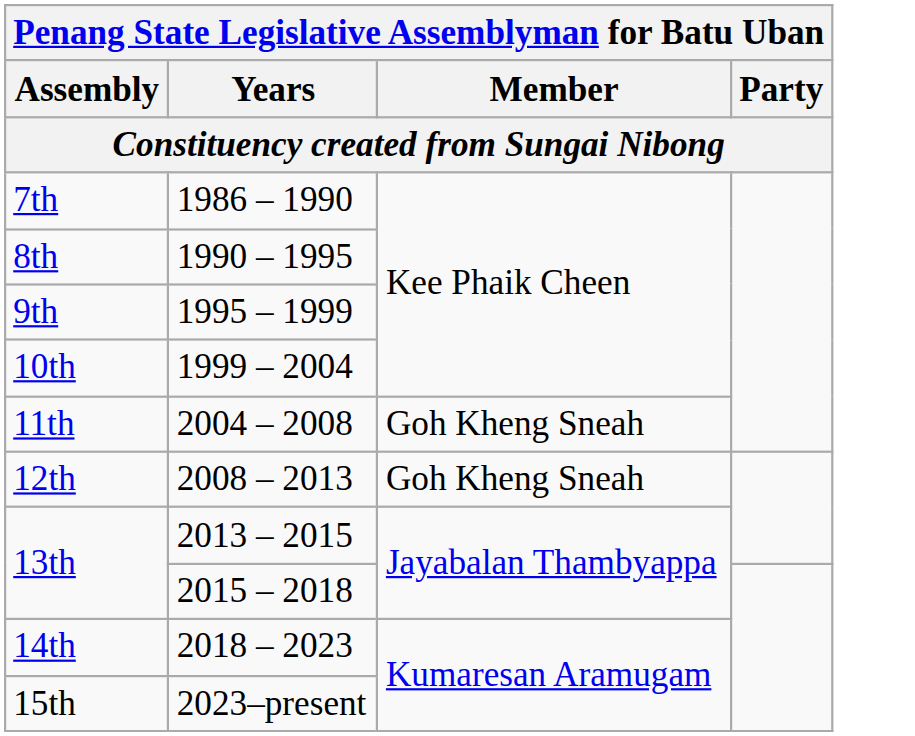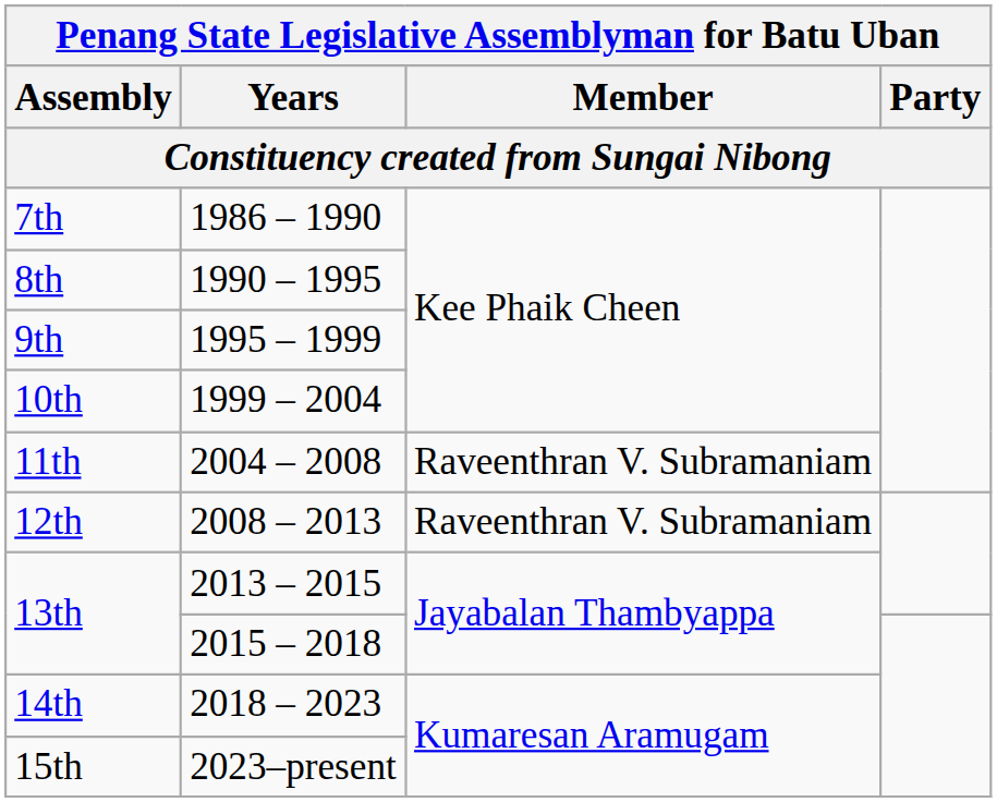 <table class="wikitable">
 <tr>
 <th colspan="4"><a href='#'>Penang State Legislative Assemblyman</a> for Batu Uban</th>
 </tr>
 <tr>
 <th>Assembly</th>
 <th>Years</th>
 <th>Member</th>
 <th>Party</th>
 </tr>
 <tr>
 <th colspan="4" align="center"><em>Constituency created from Sungai Nibong</em></th>
 </tr>
 <tr>
 <td><a href='#'>7th</a></td>
 <td>1986 – 1990</td>
 <td rowspan="4">Kee Phaik Cheen</td>
 <td rowspan="5"></td>
 </tr>
 <tr>
 <td><a href='#'>8th</a></td>
 <td>1990 – 1995</td>
 </tr>
 <tr>
 <td><a href='#'>9th</a></td>
 <td>1995 – 1999</td>
 </tr>
 <tr>
 <td><a href='#'>10th</a></td>
 <td>1999 – 2004</td>
 </tr>
 <tr>
 <td><a href='#'>11th</a></td>
 <td>2004 – 2008</td>
-<td>Goh Kheng Sneah</td>
+<td>Raveenthran V. Subramaniam</td>
 </tr>
 <tr>
 <td><a href='#'>12th</a></td>
 <td>2008 – 2013</td>
-<td>Goh Kheng Sneah</td>
+<td>Raveenthran V. Subramaniam</td>
 <td rowspan="2"></td>
 </tr>
 <tr>
 <td rowspan=2><a href='#'>13th</a></td>
 <td>2013 – 2015</td>
 <td rowspan=2><a href='#'>Jayabalan Thambyappa</a></td>
 </tr>
 <tr>
 <td>2015 – 2018</td>
 <td rowspan=3></td>
 </tr>
 <tr>
 <td><a href='#'>14th</a></td>
 <td>2018 – 2023</td>
 <td rowspan=2><a href='#'>Kumaresan Aramugam</a></td>
 </tr>
 <tr>
 <td>15th</td>
 <td>2023–present</td>
 </tr>
 </table>
